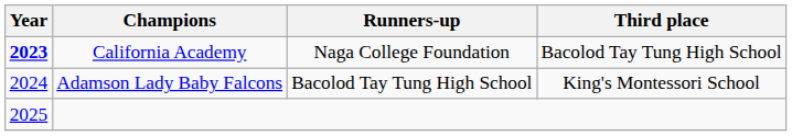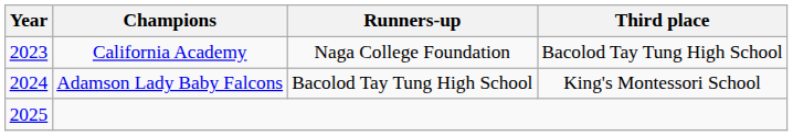 <table class=wikitable style="font-size:90%; text-align: center">
 <tr>
 <th>Year</th>
 <th> Champions</th>
 <th> Runners-up</th>
 <th> Third place</th>
 </tr>
 <tr>
-<td><strong><a href='#'>2023</a></strong></td>
+<td><a href='#'>2023</a></td>
 <td><a href='#'>California Academy</a></td>
 <td>Naga College Foundation</td>
 <td>Bacolod Tay Tung High School</td>
 </tr>
 <tr>
 <td><a href='#'>2024</a></td>
 <td><a href='#'>Adamson Lady Baby Falcons</a></td>
 <td>Bacolod Tay Tung High School</td>
 <td>King's Montessori School</td>
 </tr>
 <tr>
 <td><a href='#'>2025</a></td>
 <td colspan="3"></td>
 </tr>
 <tr>
 </tr>
 </table>
